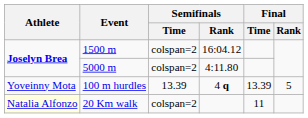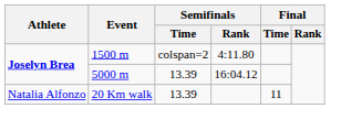 <table class=wikitable style="font-size:90%;">
 <tr>
 <th rowspan=2>Athlete</th>
 <th rowspan=2>Event</th>
 <th colspan=2>Semifinals</th>
 <th colspan=2>Final</th>
 </tr>
 <tr style="font-size:95%">
 <th>Time</th>
 <th>Rank</th>
 <th>Time</th>
 <th>Rank</th>
 </tr>
 <tr align=center>
 <td align=left rowspan=2><strong><a href='#'>Joselyn Brea</a></strong></td>
 <td align=left><a href='#'>1500 m</a></td>
 <td>colspan=2 </td>
+<td>4:11.80</td>
+<td></td>
+</tr>
+<tr align=center>
+<td align=left><a href='#'>5000 m</a></td>
+<td>13.39</td>
 <td>16:04.12</td>
 <td></td>
 </tr>
 <tr align=center>
-<td align=left><a href='#'>5000 m</a></td>
-<td>colspan=2 </td>
-<td>4:11.80</td>
-<td></td>
-</tr>
-<tr align=center>
-<td align=left><a href='#'>Yoveinny Mota</a></td>
-<td align=left><a href='#'>100 m hurdles</a></td>
+<td align=left><a href='#'>Natalia Alfonzo</a></td>
+<td align=left><a href='#'>20 Km walk</a></td>
 <td>13.39</td>
-<td>4 <strong>q</strong></td>
-<td>13.39</td>
-<td>5</td>
-</tr>
-<tr align=center>
-<td align=left style="background: lightyellow;"><a href='#'>Natalia Alfonzo</a></td>
-<td align=left><a href='#'>20 Km walk</a></td>
-<td>colspan=2 </td>
 <td></td>
 <td>11</td>
 </tr>
 </table>
